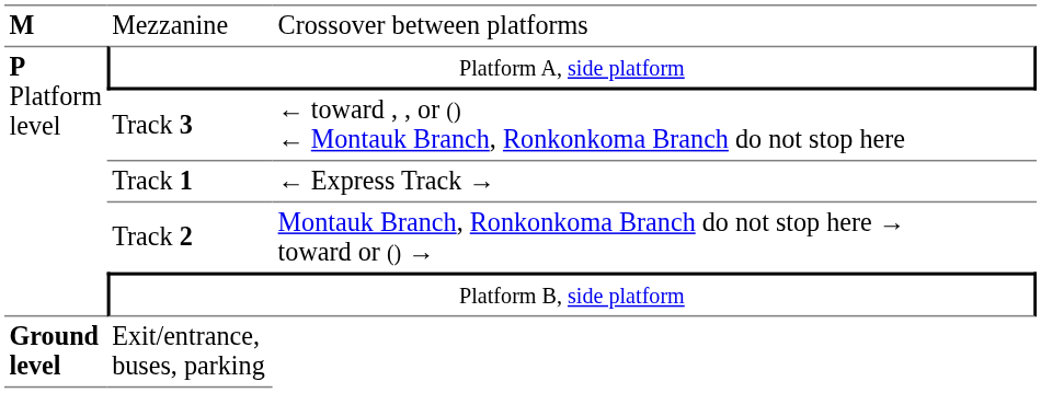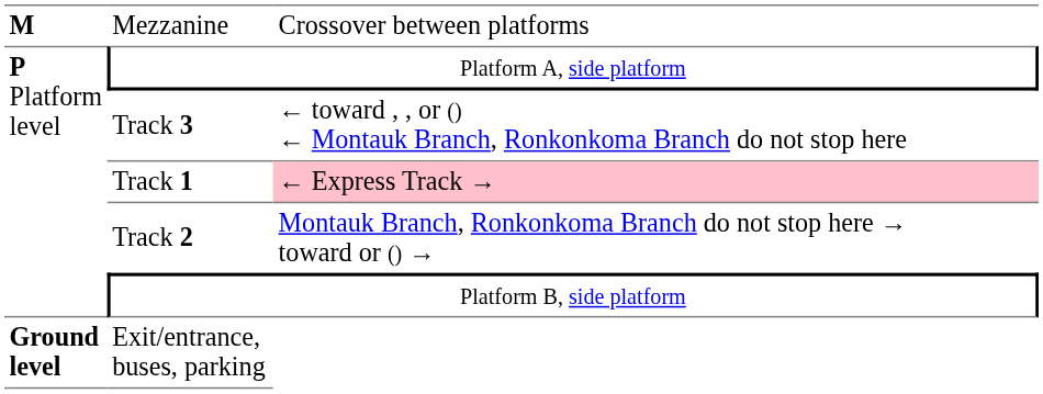 <table border=0 cellspacing=0 cellpadding=3>
 <tr>
 <td style="border-top:solid 1px gray;" width=50><strong>M</strong></td>
 <td style="border-top:solid 1px gray;" width=100>Mezzanine</td>
 <td style="border-top:solid 1px gray;" width=675>Crossover between platforms</td>
 </tr>
 <tr>
 <td style="border-top:solid 1px gray;border-bottom:solid 1px gray;" rowspan=6 valign=top><strong>P</strong><br>Platform level</td>
 </tr>
 <tr>
 <td style="border-top:solid 1px gray;border-right:solid 2px black;border-left:solid 2px black;border-bottom:solid 2px black;text-align:center;" colspan=2><small>Platform A, <a href='#'>side platform</a></small> </td>
 </tr>
 <tr>
 <td style="border-bottom:solid 1px gray;">Track <strong>3</strong></td>
 <td style="border-bottom:solid 1px gray;">←  toward , , or  <small>()</small><br>←   <a href='#'>Montauk Branch</a>, <a href='#'>Ronkonkoma Branch</a> do not stop here</td>
 </tr>
 <tr>
 <td style="border-bottom:solid 1px gray;" width=100>Track <strong>1</strong></td>
-<td style="border-bottom:solid 1px gray;" width=875>← Express Track →</td>
+<td style="background: pink; border-bottom:solid 1px gray;" width=875>← Express Track →</td>
 </tr>
 <tr>
 <td>Track <strong>2</strong></td>
 <td>   <a href='#'>Montauk Branch</a>, <a href='#'>Ronkonkoma Branch</a> do not stop here → <br>  toward  or  <small>()</small> →</td>
 </tr>
 <tr>
 <td style="border-bottom:solid 1px gray;border-top:solid 2px black;border-right:solid 2px black;border-left:solid 2px black;text-align:center;" colspan=2><small>Platform B, <a href='#'>side platform</a></small> </td>
 </tr>
 <tr>
 <td style="border-bottom:solid 1px gray;"><strong>Ground level</strong></td>
 <td style="border-bottom:solid 1px gray;">Exit/entrance, buses, parking</td>
 </tr>
 </table>
